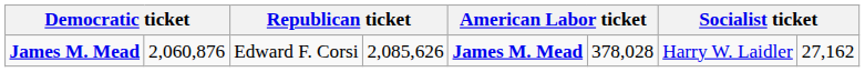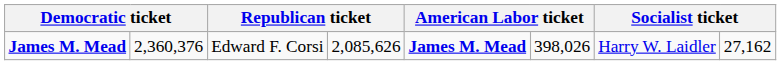 <table class=wikitable>
 <tr>
 <th colspan=2><a href='#'>Democratic</a> ticket</th>
 <th colspan=2><a href='#'>Republican</a> ticket</th>
 <th colspan=2><a href='#'>American Labor</a> ticket</th>
 <th colspan=2><a href='#'>Socialist</a> ticket</th>
 </tr>
 <tr>
 <td><strong><a href='#'>James M. Mead</a></strong></td>
-<td align="right">2,060,876</td>
+<td align="right">2,360,376</td>
 <td>Edward F. Corsi</td>
 <td align="right">2,085,626</td>
 <td><strong><a href='#'>James M. Mead</a></strong></td>
-<td align="right">378,028</td>
+<td align="right">398,026</td>
 <td><a href='#'>Harry W. Laidler</a></td>
 <td align="right">27,162</td>
 </tr>
 </table>
